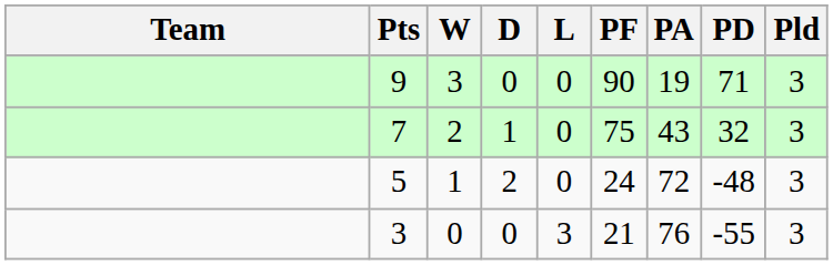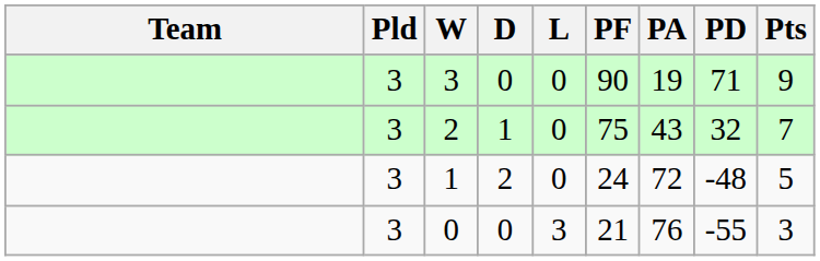 <table class="wikitable" style="text-align:center;">
 <tr>
 <th width=175>Team</th>
-<th width=20 abbr="Points">Pts</th>
+<th width=20 abbr="Played">Pld</th>
 <th width=20 abbr="Won">W</th>
 <th width=20 abbr="Drawn">D</th>
 <th width=20 abbr="Lost">L</th>
 <th width=20 abbr="Points for">PF</th>
 <th width=20 abbr="Points against">PA</th>
 <th width=25 abbr="Points difference">PD</th>
-<th width=20 abbr="Played">Pld</th>
+<th width=20 abbr="Points">Pts</th>
 </tr>
 <tr bgcolor=ccffcc>
 <td style="text-align:left;"></td>
-<td>9</td>
+<td>3</td>
 <td>3</td>
 <td>0</td>
 <td>0</td>
 <td>90</td>
 <td>19</td>
 <td>71</td>
-<td>3</td>
+<td>9</td>
 </tr>
 <tr bgcolor=ccffcc>
 <td style="text-align:left;"></td>
-<td>7</td>
+<td>3</td>
 <td>2</td>
 <td>1</td>
 <td>0</td>
 <td>75</td>
 <td>43</td>
 <td>32</td>
-<td>3</td>
+<td>7</td>
 </tr>
 <tr>
 <td style="text-align:left;"></td>
-<td>5</td>
+<td>3</td>
 <td>1</td>
 <td>2</td>
 <td>0</td>
 <td>24</td>
 <td>72</td>
 <td>-48</td>
-<td>3</td>
+<td>5</td>
 </tr>
 <tr>
 <td style="text-align:left;"></td>
 <td>3</td>
 <td>0</td>
 <td>0</td>
 <td>3</td>
 <td>21</td>
 <td>76</td>
 <td>-55</td>
 <td>3</td>
 </tr>
 </table>
